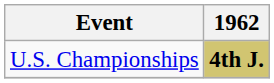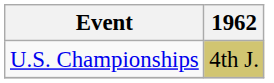 <table class="wikitable">
 <tr>
 <th>Event</th>
 <th>1962</th>
 </tr>
 <tr>
 <td><a href='#'>U.S. Championships</a></td>
-<td align="center" bgcolor="d1c571"><strong>4th J.</strong></td>
+<td align="center" bgcolor="d1c571">4th J.</td>
 </tr>
 <tr>
 </tr>
 </table>
